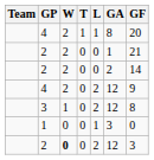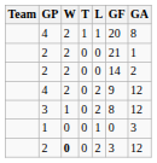 <table class="wikitable">
 <tr>
 <th>Team</th>
 <th>GP</th>
 <th>W</th>
 <th>T</th>
 <th>L</th>
+<th>GF</th>
 <th>GA</th>
-<th>GF</th>
 </tr>
 <tr>
 <td></td>
 <td>4</td>
 <td>2</td>
 <td>1</td>
 <td>1</td>
+<td>20</td>
 <td>8</td>
-<td>20</td>
 </tr>
 <tr>
 <td></td>
 <td>2</td>
 <td>2</td>
 <td>0</td>
 <td>0</td>
+<td>21</td>
 <td>1</td>
-<td>21</td>
 </tr>
 <tr>
 <td></td>
 <td>2</td>
 <td>2</td>
 <td>0</td>
 <td>0</td>
+<td>14</td>
 <td>2</td>
-<td>14</td>
 </tr>
 <tr>
 <td></td>
 <td>4</td>
 <td>2</td>
 <td>0</td>
 <td>2</td>
+<td>9</td>
 <td>12</td>
-<td>9</td>
 </tr>
 <tr>
 <td></td>
 <td>3</td>
 <td>1</td>
 <td>0</td>
 <td>2</td>
+<td>8</td>
 <td>12</td>
-<td>8</td>
 </tr>
 <tr>
 <td></td>
 <td>1</td>
 <td>0</td>
 <td>0</td>
 <td>1</td>
+<td>0</td>
 <td>3</td>
-<td>0</td>
 </tr>
 <tr>
 <td></td>
 <td>2</td>
 <td><strong>0</strong></td>
 <td>0</td>
 <td>2</td>
+<td>3</td>
 <td>12</td>
-<td>3</td>
 </tr>
 </table>
